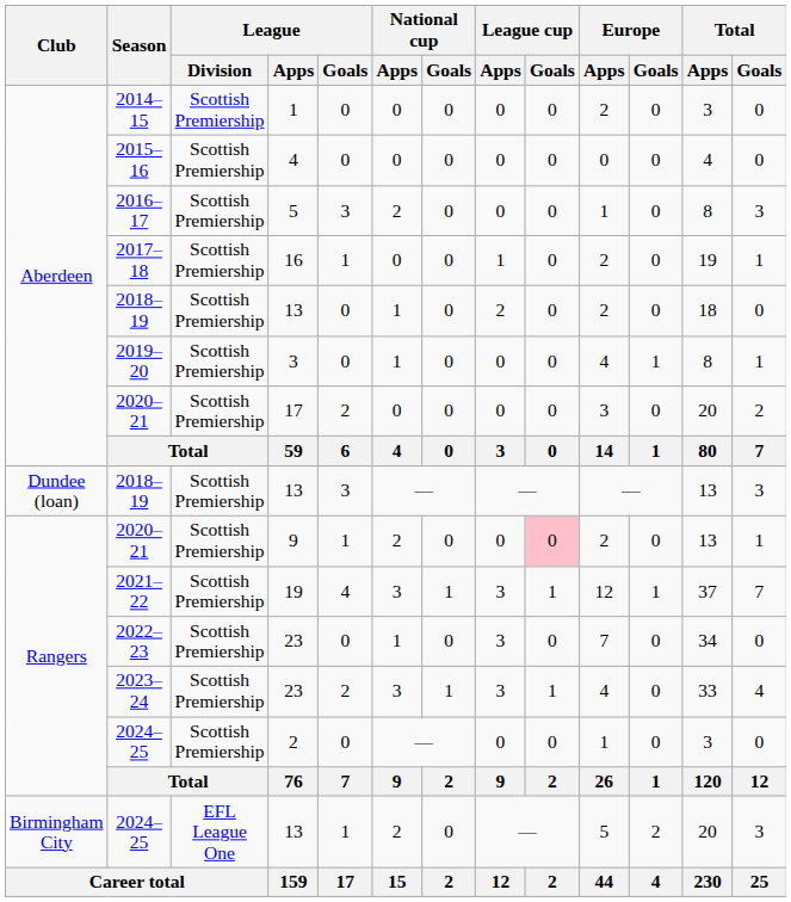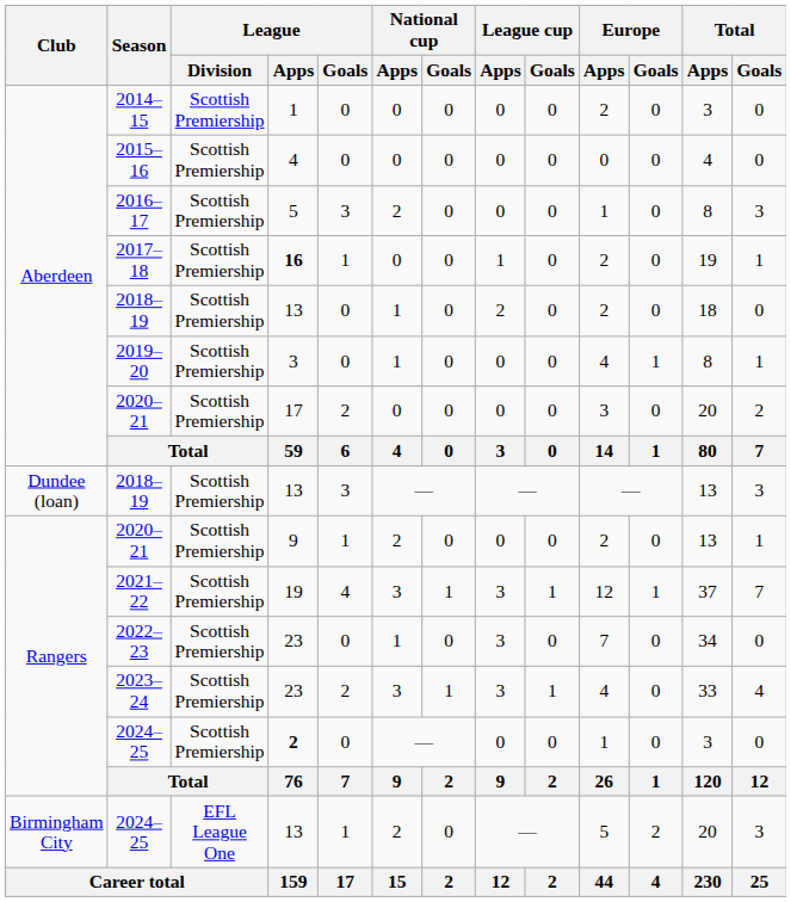 <table class="wikitable" style="text-align:center">
 <tr>
 <th rowspan="2">Club</th>
 <th rowspan="2">Season</th>
 <th colspan="3">League</th>
 <th colspan="2">National cup</th>
 <th colspan="2">League cup</th>
 <th colspan="2">Europe</th>
 <th colspan="2">Total</th>
 </tr>
 <tr>
 <th>Division</th>
 <th>Apps</th>
 <th>Goals</th>
 <th>Apps</th>
 <th>Goals</th>
 <th>Apps</th>
 <th>Goals</th>
 <th>Apps</th>
 <th>Goals</th>
 <th>Apps</th>
 <th>Goals</th>
 </tr>
 <tr>
 <td rowspan="8"><a href='#'>Aberdeen</a></td>
 <td><a href='#'>2014–15</a></td>
 <td><a href='#'>Scottish Premiership</a></td>
 <td>1</td>
 <td>0</td>
 <td>0</td>
 <td>0</td>
 <td>0</td>
 <td>0</td>
 <td>2</td>
 <td>0</td>
 <td>3</td>
 <td>0</td>
 </tr>
 <tr>
 <td><a href='#'>2015–16</a></td>
 <td>Scottish Premiership</td>
 <td>4</td>
 <td>0</td>
 <td>0</td>
 <td>0</td>
 <td>0</td>
 <td>0</td>
 <td>0</td>
 <td>0</td>
 <td>4</td>
 <td>0</td>
 </tr>
 <tr>
 <td><a href='#'>2016–17</a></td>
 <td>Scottish Premiership</td>
 <td>5</td>
 <td>3</td>
 <td>2</td>
 <td>0</td>
 <td>0</td>
 <td>0</td>
 <td>1</td>
 <td>0</td>
 <td>8</td>
 <td>3</td>
 </tr>
 <tr>
 <td><a href='#'>2017–18</a></td>
 <td>Scottish Premiership</td>
-<td>16</td>
+<td><strong>16</strong></td>
 <td>1</td>
 <td>0</td>
 <td>0</td>
 <td>1</td>
 <td>0</td>
 <td>2</td>
 <td>0</td>
 <td>19</td>
 <td>1</td>
 </tr>
 <tr>
 <td><a href='#'>2018–19</a></td>
 <td>Scottish Premiership</td>
 <td>13</td>
 <td>0</td>
 <td>1</td>
 <td>0</td>
 <td>2</td>
 <td>0</td>
 <td>2</td>
 <td>0</td>
 <td>18</td>
 <td>0</td>
 </tr>
 <tr>
 <td><a href='#'>2019–20</a></td>
 <td>Scottish Premiership</td>
 <td>3</td>
 <td>0</td>
 <td>1</td>
 <td>0</td>
 <td>0</td>
 <td>0</td>
 <td>4</td>
 <td>1</td>
 <td>8</td>
 <td>1</td>
 </tr>
 <tr>
 <td><a href='#'>2020–21</a></td>
 <td>Scottish Premiership</td>
 <td>17</td>
 <td>2</td>
 <td>0</td>
 <td>0</td>
 <td>0</td>
 <td>0</td>
 <td>3</td>
 <td>0</td>
 <td>20</td>
 <td>2</td>
 </tr>
 <tr>
 <th colspan="2">Total</th>
 <th>59</th>
 <th>6</th>
 <th>4</th>
 <th>0</th>
 <th>3</th>
 <th>0</th>
 <th>14</th>
 <th>1</th>
 <th>80</th>
 <th>7</th>
 </tr>
 <tr>
 <td><a href='#'>Dundee</a> (loan)</td>
 <td><a href='#'>2018–19</a></td>
 <td>Scottish Premiership</td>
 <td>13</td>
 <td>3</td>
 <td colspan=2>—</td>
 <td colspan=2>—</td>
 <td colspan=2>—</td>
 <td>13</td>
 <td>3</td>
 </tr>
 <tr>
 <td rowspan="6"><a href='#'>Rangers</a></td>
 <td><a href='#'>2020–21</a></td>
 <td>Scottish Premiership</td>
 <td>9</td>
 <td>1</td>
 <td>2</td>
 <td>0</td>
 <td>0</td>
-<td style="background: pink;">0</td>
+<td>0</td>
 <td>2</td>
 <td>0</td>
 <td>13</td>
 <td>1</td>
 </tr>
 <tr>
 <td><a href='#'>2021–22</a></td>
 <td>Scottish Premiership</td>
 <td>19</td>
 <td>4</td>
 <td>3</td>
 <td>1</td>
 <td>3</td>
 <td>1</td>
 <td>12</td>
 <td>1</td>
 <td>37</td>
 <td>7</td>
 </tr>
 <tr>
 <td><a href='#'>2022–23</a></td>
 <td>Scottish Premiership</td>
 <td>23</td>
 <td>0</td>
 <td>1</td>
 <td>0</td>
 <td>3</td>
 <td>0</td>
 <td>7</td>
 <td>0</td>
 <td>34</td>
 <td>0</td>
 </tr>
 <tr>
 <td><a href='#'>2023–24</a></td>
 <td>Scottish Premiership</td>
 <td>23</td>
 <td>2</td>
 <td>3</td>
 <td>1</td>
 <td>3</td>
 <td>1</td>
 <td>4</td>
 <td>0</td>
 <td>33</td>
 <td>4</td>
 </tr>
 <tr>
 <td><a href='#'>2024–25</a></td>
 <td>Scottish Premiership</td>
-<td>2</td>
+<td><strong>2</strong></td>
 <td>0</td>
 <td colspan=2>—</td>
 <td>0</td>
 <td>0</td>
 <td>1</td>
 <td>0</td>
 <td>3</td>
 <td>0</td>
 </tr>
 <tr>
 <th colspan="2">Total</th>
 <th>76</th>
 <th>7</th>
 <th>9</th>
 <th>2</th>
 <th>9</th>
 <th>2</th>
 <th>26</th>
 <th>1</th>
 <th>120</th>
 <th>12</th>
 </tr>
 <tr>
 <td><a href='#'>Birmingham City</a></td>
 <td><a href='#'>2024–25</a></td>
 <td><a href='#'>EFL League One</a></td>
 <td>13</td>
 <td>1</td>
 <td>2</td>
 <td>0</td>
 <td colspan=2>—</td>
 <td>5</td>
 <td>2</td>
 <td>20</td>
 <td>3</td>
 </tr>
 <tr>
 <th colspan="3">Career total</th>
 <th>159</th>
 <th>17</th>
 <th>15</th>
 <th>2</th>
 <th>12</th>
 <th>2</th>
 <th>44</th>
 <th>4</th>
 <th>230</th>
 <th>25</th>
 </tr>
 </table>
